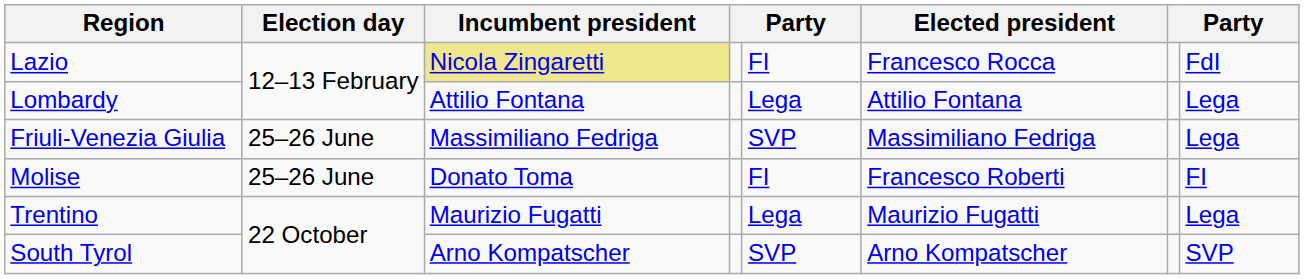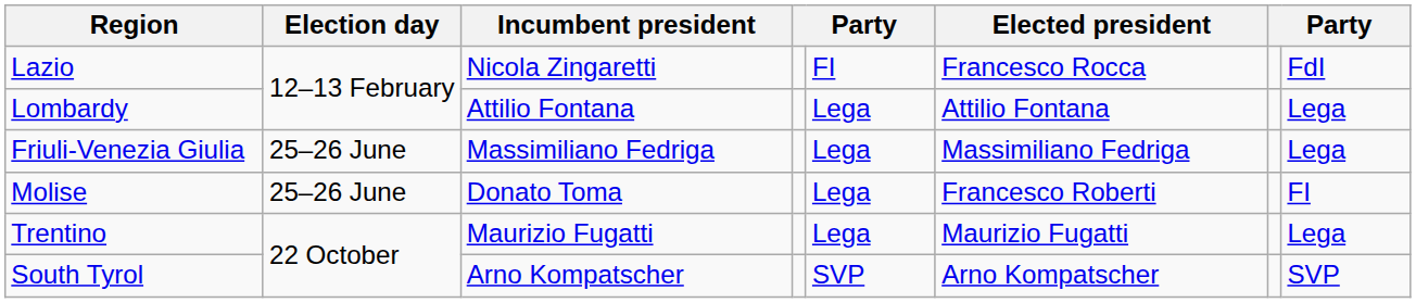 <table class="wikitable sortable" style="valign:top;">
 <tr>
 <th style="width:150px;">Region</th>
 <th>Election day</th>
 <th style="width:195px;">Incumbent president</th>
 <th colspan=2 style="width:80px;">Party</th>
 <th style="width:195px;">Elected president</th>
 <th colspan=2 style="width:80px;">Party</th>
 </tr>
 <tr>
 <td><a href='#'>Lazio</a></td>
 <td rowspan="2">12–13 February</td>
-<td style="background: khaki;"><a href='#'>Nicola Zingaretti</a></td>
+<td><a href='#'>Nicola Zingaretti</a></td>
 <td width="1"></td>
 <td align="left"><a href='#'>FI</a></td>
 <td><a href='#'>Francesco Rocca</a></td>
 <td width="1"></td>
 <td align="left"><a href='#'>FdI</a></td>
 </tr>
 <tr>
 <td><a href='#'>Lombardy</a></td>
 <td><a href='#'>Attilio Fontana</a></td>
 <td width="1"></td>
 <td align="left"><a href='#'>Lega</a></td>
 <td><a href='#'>Attilio Fontana</a></td>
 <td width="1"></td>
 <td align="left"><a href='#'>Lega</a></td>
 </tr>
 <tr>
 <td><a href='#'>Friuli-Venezia Giulia</a></td>
 <td rowspan="1">25–26 June</td>
 <td><a href='#'>Massimiliano Fedriga</a></td>
 <td width="1"></td>
-<td align="left"><a href='#'>SVP</a></td>
+<td align="left"><a href='#'>Lega</a></td>
 <td><a href='#'>Massimiliano Fedriga</a></td>
 <td width="1"></td>
 <td align="left"><a href='#'>Lega</a></td>
 </tr>
 <tr>
 <td><a href='#'>Molise</a></td>
 <td rowspan="1">25–26 June</td>
 <td><a href='#'>Donato Toma</a></td>
 <td width="1"></td>
-<td align="left"><a href='#'>FI</a></td>
+<td align="left"><a href='#'>Lega</a></td>
 <td><a href='#'>Francesco Roberti</a></td>
 <td width="1"></td>
 <td align="left"><a href='#'>FI</a></td>
 </tr>
 <tr>
 <td><a href='#'>Trentino</a></td>
 <td rowspan="2">22 October</td>
 <td><a href='#'>Maurizio Fugatti</a></td>
 <td width="1"></td>
 <td align="left"><a href='#'>Lega</a></td>
 <td><a href='#'>Maurizio Fugatti</a></td>
 <td width="1"></td>
 <td align="left"><a href='#'>Lega</a></td>
 </tr>
 <tr>
 <td><a href='#'>South Tyrol</a></td>
 <td><a href='#'>Arno Kompatscher</a></td>
 <td width="1"></td>
 <td align="left"><a href='#'>SVP</a></td>
 <td><a href='#'>Arno Kompatscher</a></td>
 <td width="1"></td>
 <td align="left"><a href='#'>SVP</a></td>
 </tr>
 </table>
